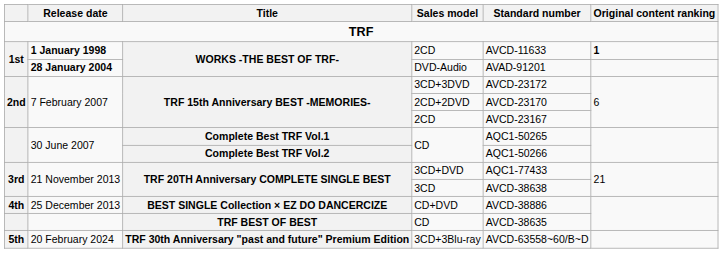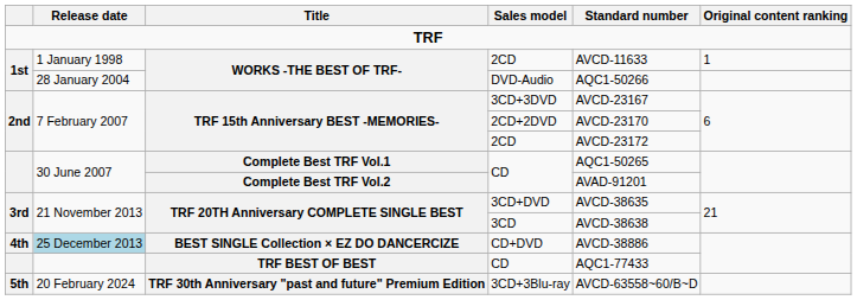 <table class="wikitable" style="font-size:small;">
 <tr>
 <th></th>
 <th>Release date</th>
 <th>Title</th>
 <th>Sales model</th>
 <th>Standard number</th>
 <th>Original content ranking</th>
 </tr>
 <tr>
 <td colspan="9" style="font-size:larger;text-align:center;"><strong>TRF</strong></td>
 </tr>
 <tr>
 <th rowspan="2">1st</th>
-<td><strong>1 January 1998</strong></td>
+<td>1 January 1998</td>
 <th rowspan="2">WORKS -THE BEST OF TRF-</th>
 <td>2CD</td>
 <td>AVCD-11633</td>
-<td><strong>1</strong></td>
+<td>1</td>
 </tr>
 <tr>
-<td><strong>28 January 2004</strong></td>
+<td>28 January 2004</td>
 <td>DVD-Audio</td>
-<td>AVAD-91201</td>
+<td>AQC1-50266</td>
 <td></td>
 </tr>
 <tr>
 <th rowspan="3">2nd</th>
 <td rowspan="3">7 February 2007</td>
 <th rowspan="3">TRF 15th Anniversary BEST -MEMORIES-</th>
 <td>3CD+3DVD</td>
-<td>AVCD-23172</td>
+<td>AVCD-23167</td>
 <td rowspan="3">6</td>
 </tr>
 <tr>
 <td>2CD+2DVD</td>
 <td>AVCD-23170</td>
 </tr>
 <tr>
 <td>2CD</td>
-<td>AVCD-23167</td>
+<td>AVCD-23172</td>
 </tr>
 <tr>
 <th rowspan="2"></th>
 <td rowspan="2">30 June 2007</td>
 <th>Complete Best TRF Vol.1</th>
 <td rowspan="2">CD</td>
 <td>AQC1-50265</td>
 <td rowspan="2"></td>
 </tr>
 <tr>
 <th>Complete Best TRF Vol.2</th>
-<td>AQC1-50266</td>
+<td>AVAD-91201</td>
 </tr>
 <tr>
 <th rowspan="2">3rd</th>
 <td rowspan="2">21 November 2013</td>
 <th rowspan="2">TRF 20TH Anniversary COMPLETE SINGLE BEST</th>
 <td>3CD+DVD</td>
-<td>AQC1-77433</td>
+<td>AVCD-38635</td>
 <td rowspan="2">21</td>
 </tr>
 <tr>
 <td>3CD</td>
 <td>AVCD-38638</td>
 </tr>
 <tr>
 <th>4th</th>
-<td>25 December 2013</td>
+<td style="background: lightblue;">25 December 2013</td>
 <th>BEST SINGLE Collection × EZ DO DANCERCIZE</th>
 <td>CD+DVD</td>
 <td>AVCD-38886</td>
 <td rowspan="2"></td>
 </tr>
 <tr>
 <th></th>
 <td></td>
 <th>TRF BEST OF BEST</th>
 <td>CD</td>
-<td>AVCD-38635</td>
+<td>AQC1-77433</td>
 </tr>
 <tr>
 <th rowspan="2">5th</th>
 <td rowspan="2">20 February 2024</td>
 <th rowspan="2">TRF 30th Anniversary "past and future" Premium Edition</th>
 <td>3CD+3Blu-ray</td>
 <td>AVCD-63558~60/B~D</td>
 <td rowspan="2"></td>
 </tr>
 </table>
